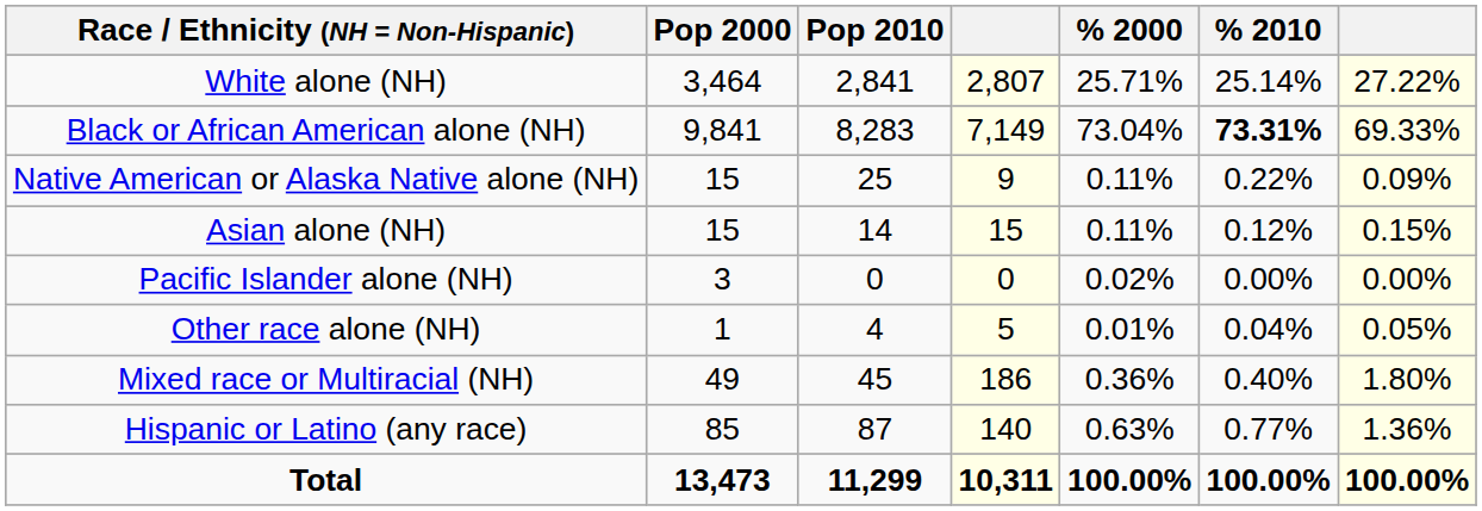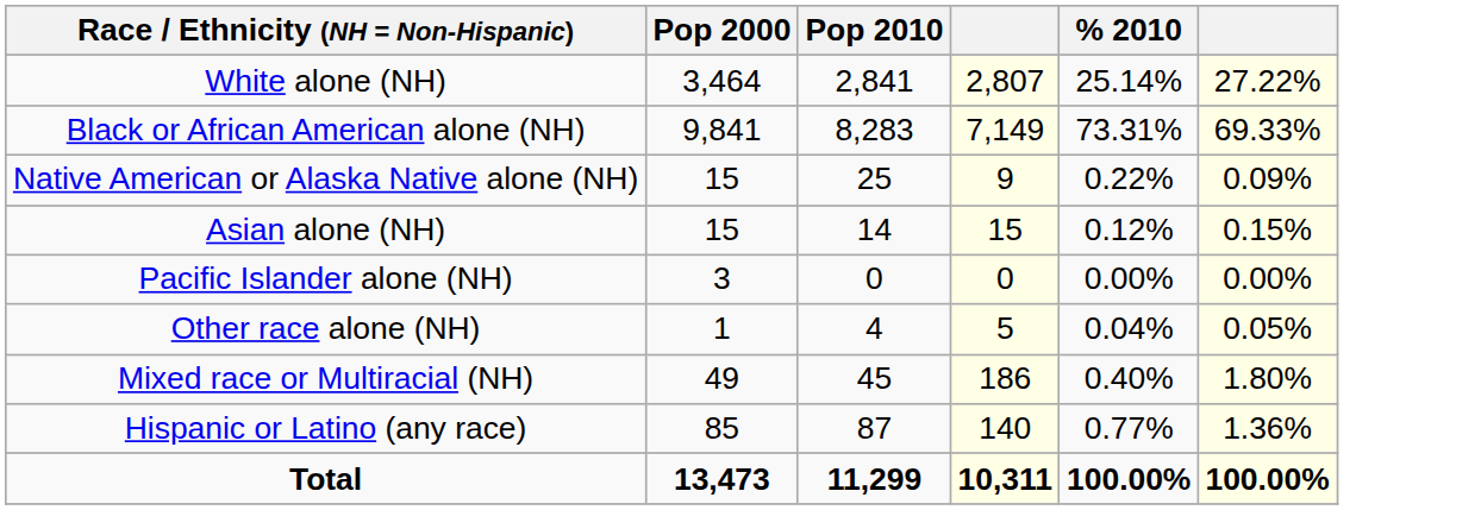 <table class="wikitable" style="text-align:center;">
 <tr>
 <th>Race / Ethnicity <small>(<em>NH = Non-Hispanic</em>)</small></th>
 <th>Pop 2000</th>
 <th>Pop 2010</th>
 <th></th>
-<th>% 2000</th>
 <th>% 2010</th>
 <th></th>
 </tr>
 <tr>
 <td><a href='#'>White</a> alone (NH)</td>
 <td>3,464</td>
 <td>2,841</td>
 <td style='background: #ffffe6;'>2,807</td>
-<td>25.71%</td>
 <td>25.14%</td>
 <td style='background: #ffffe6;'>27.22%</td>
 </tr>
 <tr>
 <td><a href='#'>Black or African American</a> alone (NH)</td>
 <td>9,841</td>
 <td>8,283</td>
 <td style='background: #ffffe6;'>7,149</td>
-<td>73.04%</td>
-<td><strong>73.31%</strong></td>
+<td>73.31%</td>
 <td style='background: #ffffe6;'>69.33%</td>
 </tr>
 <tr>
 <td><a href='#'>Native American</a> or <a href='#'>Alaska Native</a> alone (NH)</td>
 <td>15</td>
 <td>25</td>
 <td style='background: #ffffe6;'>9</td>
-<td>0.11%</td>
 <td>0.22%</td>
 <td style='background: #ffffe6;'>0.09%</td>
 </tr>
 <tr>
 <td><a href='#'>Asian</a> alone (NH)</td>
 <td>15</td>
 <td>14</td>
 <td style='background: #ffffe6;'>15</td>
-<td>0.11%</td>
 <td>0.12%</td>
 <td style='background: #ffffe6;'>0.15%</td>
 </tr>
 <tr>
 <td><a href='#'>Pacific Islander</a> alone (NH)</td>
 <td>3</td>
 <td>0</td>
 <td style='background: #ffffe6;'>0</td>
-<td>0.02%</td>
 <td>0.00%</td>
 <td style='background: #ffffe6;'>0.00%</td>
 </tr>
 <tr>
 <td><a href='#'>Other race</a> alone (NH)</td>
 <td>1</td>
 <td>4</td>
 <td style='background: #ffffe6;'>5</td>
-<td>0.01%</td>
 <td>0.04%</td>
 <td style='background: #ffffe6;'>0.05%</td>
 </tr>
 <tr>
 <td><a href='#'>Mixed race or Multiracial</a> (NH)</td>
 <td>49</td>
 <td>45</td>
 <td style='background: #ffffe6;'>186</td>
-<td>0.36%</td>
 <td>0.40%</td>
 <td style='background: #ffffe6;'>1.80%</td>
 </tr>
 <tr>
 <td><a href='#'>Hispanic or Latino</a> (any race)</td>
 <td>85</td>
 <td>87</td>
 <td style='background: #ffffe6;'>140</td>
-<td>0.63%</td>
 <td>0.77%</td>
 <td style='background: #ffffe6;'>1.36%</td>
 </tr>
 <tr>
 <td><strong>Total</strong></td>
 <td><strong>13,473</strong></td>
 <td><strong>11,299</strong></td>
 <td style='background: #ffffe6;'><strong>10,311</strong></td>
 <td><strong>100.00%</strong></td>
-<td><strong>100.00%</strong></td>
 <td style='background: #ffffe6;'><strong>100.00%</strong></td>
 </tr>
 </table>
